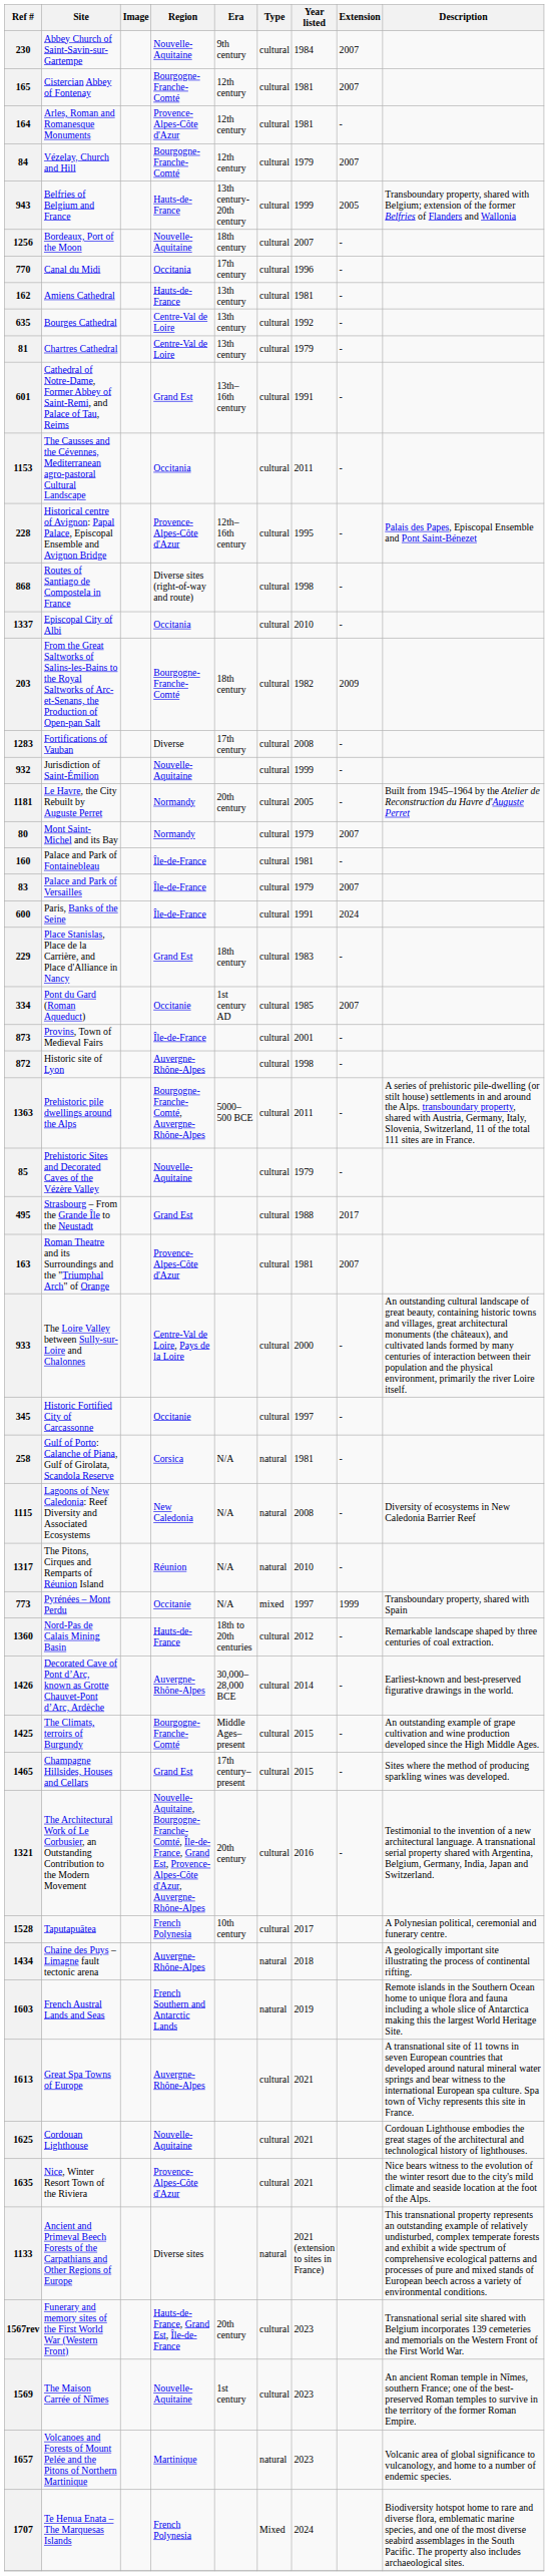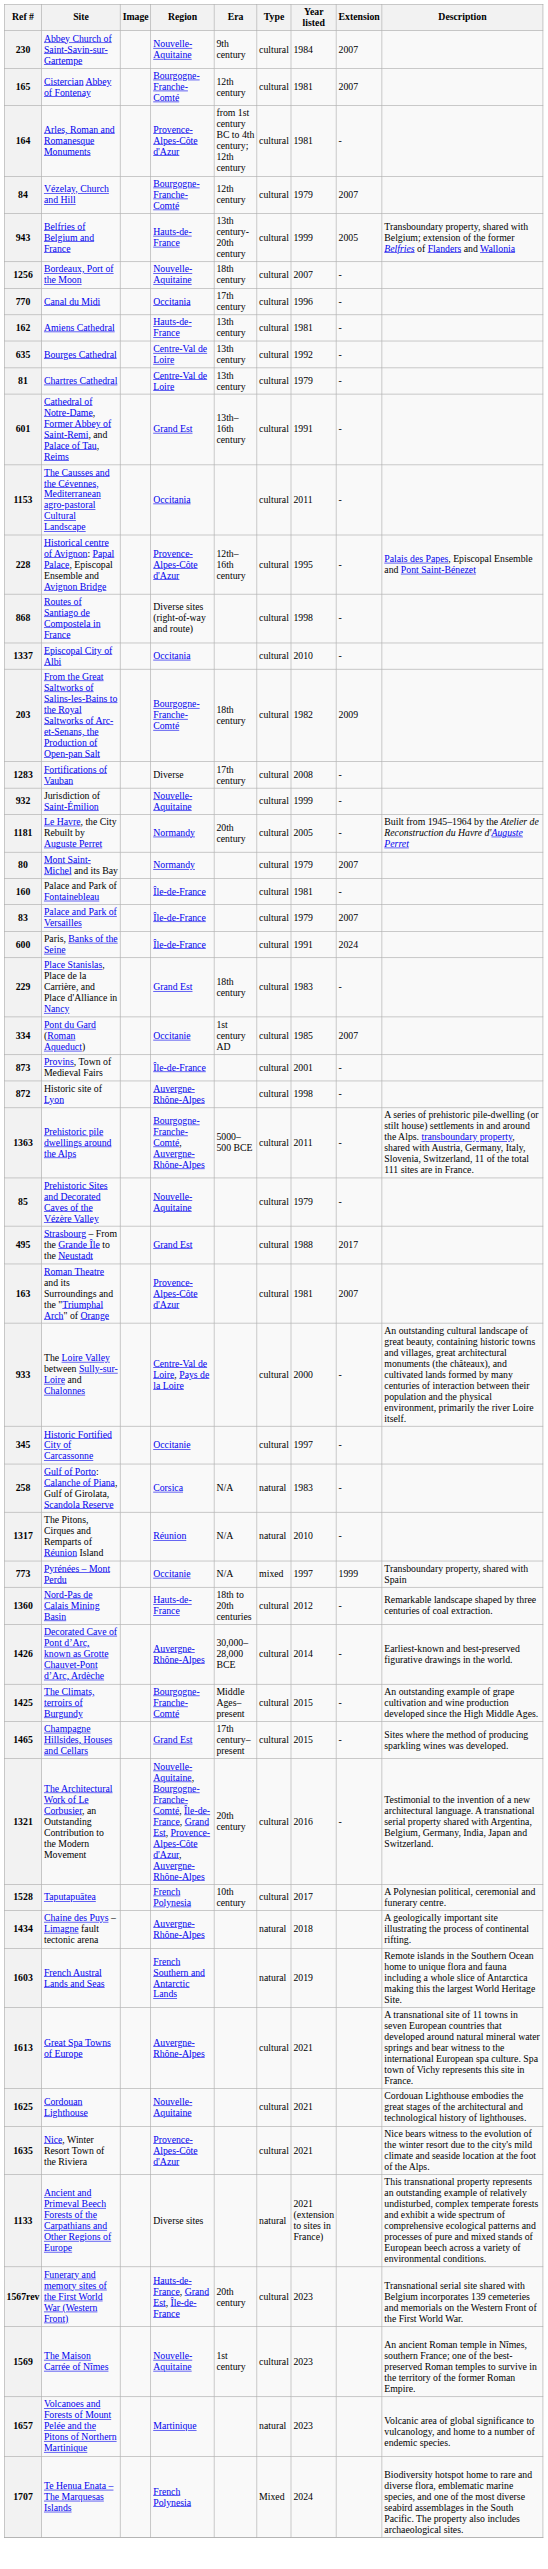 <table class="wikitable sortable" style="width:100%; margin-right:0">
 <tr>
 <th width="2%">Ref #</th>
 <th width="15%">Site</th>
 <th class="unsortable">Image</th>
 <th width="12%">Region</th>
 <th width="8%">Era</th>
 <th width="5%">Type</th>
 <th width="4%">Year listed</th>
 <th width="4%">Extension</th>
 <th width="32%" class="unsortable">Description</th>
 </tr>
 <tr ->
 <th>230</th>
 <td><a href='#'>Abbey Church of Saint-Savin-sur-Gartempe</a></td>
 <td></td>
 <td><a href='#'>Nouvelle-Aquitaine</a></td>
 <td>9th century</td>
 <td>cultural</td>
 <td>1984</td>
 <td>2007</td>
 <td><br></td>
 </tr>
 <tr ->
 <th>165</th>
 <td><a href='#'>Cistercian</a> <a href='#'>Abbey of Fontenay</a></td>
 <td></td>
 <td><a href='#'>Bourgogne-Franche-Comté</a></td>
 <td>12th century</td>
 <td>cultural</td>
 <td>1981</td>
 <td>2007</td>
 <td><br></td>
 </tr>
 <tr ->
 <th>164</th>
 <td><a href='#'>Arles, Roman and Romanesque Monuments</a></td>
 <td></td>
 <td><a href='#'>Provence-Alpes-Côte d'Azur</a></td>
-<td>12th century</td>
+<td>from 1st century BC to 4th century; 12th century</td>
 <td>cultural</td>
 <td>1981</td>
 <td>-</td>
 <td><br></td>
 </tr>
 <tr ->
 <th>84</th>
 <td><a href='#'>Vézelay, Church and Hill</a></td>
 <td></td>
 <td><a href='#'>Bourgogne-Franche-Comté</a></td>
 <td>12th century</td>
 <td>cultural</td>
 <td>1979</td>
 <td>2007</td>
 <td><br></td>
 </tr>
 <tr ->
 <th>943</th>
 <td><a href='#'>Belfries of Belgium and France</a></td>
 <td></td>
 <td><a href='#'>Hauts-de-France</a></td>
 <td>13th century-20th century</td>
 <td>cultural</td>
 <td>1999</td>
 <td>2005</td>
 <td>Transboundary property, shared with Belgium; extension of the former <em><a href='#'>Belfries</a></em> of <a href='#'>Flanders</a> and <a href='#'>Wallonia</a><br></td>
 </tr>
 <tr ->
 <th>1256</th>
 <td><a href='#'>Bordeaux, Port of the Moon</a></td>
 <td></td>
 <td><a href='#'>Nouvelle-Aquitaine</a></td>
 <td>18th century</td>
 <td>cultural</td>
 <td>2007</td>
 <td>-</td>
 <td><br></td>
 </tr>
 <tr ->
 <th>770</th>
 <td><a href='#'>Canal du Midi</a></td>
 <td></td>
 <td><a href='#'>Occitania</a></td>
 <td>17th century</td>
 <td>cultural</td>
 <td>1996</td>
 <td>-</td>
 <td><br></td>
 </tr>
 <tr ->
 <th>162</th>
 <td><a href='#'>Amiens Cathedral</a></td>
 <td></td>
 <td><a href='#'>Hauts-de-France</a></td>
 <td>13th century</td>
 <td>cultural</td>
 <td>1981</td>
 <td>-</td>
 <td><br></td>
 </tr>
 <tr ->
 <th>635</th>
 <td><a href='#'>Bourges Cathedral</a></td>
 <td></td>
 <td><a href='#'>Centre-Val de Loire</a></td>
 <td>13th century</td>
 <td>cultural</td>
 <td>1992</td>
 <td>-</td>
 <td><br></td>
 </tr>
 <tr ->
 <th>81</th>
 <td><a href='#'>Chartres Cathedral</a></td>
 <td></td>
 <td><a href='#'>Centre-Val de Loire</a></td>
 <td>13th century</td>
 <td>cultural</td>
 <td>1979</td>
 <td>-</td>
 <td><br></td>
 </tr>
 <tr ->
 <th>601</th>
 <td><a href='#'>Cathedral of Notre-Dame</a>, <a href='#'>Former Abbey of Saint-Remi</a>, and <a href='#'>Palace of Tau</a>, <a href='#'>Reims</a></td>
 <td></td>
 <td><a href='#'>Grand Est</a></td>
 <td>13th–16th century</td>
 <td>cultural</td>
 <td>1991</td>
 <td>-</td>
 <td><br></td>
 </tr>
 <tr ->
 <th>1153</th>
 <td><a href='#'>The Causses and the Cévennes, Mediterranean agro-pastoral Cultural Landscape</a></td>
 <td></td>
 <td><a href='#'>Occitania</a></td>
 <td></td>
 <td>cultural</td>
 <td>2011</td>
 <td>-</td>
 <td><br></td>
 </tr>
 <tr ->
 <th>228</th>
 <td><a href='#'>Historical centre of Avignon</a>: <a href='#'>Papal Palace</a>, Episcopal Ensemble and <a href='#'>Avignon Bridge</a></td>
 <td></td>
 <td><a href='#'>Provence-Alpes-Côte d'Azur</a></td>
 <td>12th–16th century</td>
 <td>cultural</td>
 <td>1995</td>
 <td>-</td>
 <td><a href='#'>Palais des Papes</a>, Episcopal Ensemble and <a href='#'>Pont Saint-Bénezet</a><br></td>
 </tr>
 <tr ->
 <th>868</th>
 <td><a href='#'>Routes of Santiago de Compostela in France</a></td>
 <td></td>
 <td>Diverse sites (right-of-way and route)</td>
 <td></td>
 <td>cultural</td>
 <td>1998</td>
 <td>-</td>
 <td><br></td>
 </tr>
 <tr ->
 <th>1337</th>
 <td><a href='#'>Episcopal City of Albi</a></td>
 <td></td>
 <td><a href='#'>Occitania</a></td>
 <td></td>
 <td>cultural</td>
 <td>2010</td>
 <td>-</td>
 <td><br></td>
 </tr>
 <tr ->
 <th>203</th>
 <td><a href='#'>From the Great Saltworks of Salins-les-Bains to the Royal Saltworks of Arc-et-Senans, the Production of Open-pan Salt</a></td>
 <td></td>
 <td><a href='#'>Bourgogne-Franche-Comté</a></td>
 <td>18th century</td>
 <td>cultural</td>
 <td>1982</td>
 <td>2009</td>
 <td><br></td>
 </tr>
 <tr ->
 <th>1283</th>
 <td><a href='#'>Fortifications of Vauban</a></td>
 <td></td>
 <td>Diverse</td>
 <td>17th century</td>
 <td>cultural</td>
 <td>2008</td>
 <td>-</td>
 <td><br></td>
 </tr>
 <tr ->
 <th>932</th>
 <td>Jurisdiction of <a href='#'>Saint-Émilion</a></td>
 <td></td>
 <td><a href='#'>Nouvelle-Aquitaine</a></td>
 <td></td>
 <td>cultural</td>
 <td>1999</td>
 <td>-</td>
 <td><br></td>
 </tr>
 <tr ->
 <th>1181</th>
 <td><a href='#'>Le Havre</a>, the City Rebuilt by <a href='#'>Auguste Perret</a></td>
 <td></td>
 <td><a href='#'>Normandy</a></td>
 <td>20th century</td>
 <td>cultural</td>
 <td>2005</td>
 <td>-</td>
 <td>Built from 1945–1964 by the <em>Atelier de Reconstruction du Havre d'<a href='#'>Auguste Perret</a></em><br></td>
 </tr>
 <tr ->
 <th>80</th>
 <td><a href='#'>Mont Saint-Michel</a> and its Bay</td>
 <td></td>
 <td><a href='#'>Normandy</a></td>
 <td></td>
 <td>cultural</td>
 <td>1979</td>
 <td>2007</td>
 <td><br></td>
 </tr>
 <tr ->
 <th>160</th>
 <td>Palace and Park of <a href='#'>Fontainebleau</a></td>
 <td></td>
 <td><a href='#'>Île-de-France</a></td>
 <td></td>
 <td>cultural</td>
 <td>1981</td>
 <td>-</td>
 <td><br></td>
 </tr>
 <tr ->
 <th>83</th>
 <td><a href='#'>Palace and Park of Versailles</a></td>
 <td></td>
 <td><a href='#'>Île-de-France</a></td>
 <td></td>
 <td>cultural</td>
 <td>1979</td>
 <td>2007</td>
 <td><br></td>
 </tr>
 <tr ->
 <th>600</th>
 <td>Paris, <a href='#'>Banks of the Seine</a></td>
 <td></td>
 <td><a href='#'>Île-de-France</a></td>
 <td></td>
 <td>cultural</td>
 <td>1991</td>
 <td>2024</td>
 <td><br></td>
 </tr>
 <tr ->
 <th>229</th>
 <td><a href='#'>Place Stanislas</a>, Place de la Carrière, and Place d'Alliance in <a href='#'>Nancy</a></td>
 <td></td>
 <td><a href='#'>Grand Est</a></td>
 <td>18th century</td>
 <td>cultural</td>
 <td>1983</td>
 <td>-</td>
 <td><br></td>
 </tr>
 <tr ->
 <th>334</th>
 <td><a href='#'>Pont du Gard</a> (<a href='#'>Roman</a> <a href='#'>Aqueduct</a>)</td>
 <td></td>
 <td><a href='#'>Occitanie</a></td>
 <td>1st century AD</td>
 <td>cultural</td>
 <td>1985</td>
 <td>2007</td>
 <td><br></td>
 </tr>
 <tr ->
 <th>873</th>
 <td><a href='#'>Provins</a>, Town of Medieval Fairs</td>
 <td></td>
 <td><a href='#'>Île-de-France</a></td>
 <td></td>
 <td>cultural</td>
 <td>2001</td>
 <td>-</td>
 <td><br></td>
 </tr>
 <tr ->
 <th>872</th>
 <td>Historic site of <a href='#'>Lyon</a></td>
 <td></td>
 <td><a href='#'>Auvergne-Rhône-Alpes</a></td>
 <td></td>
 <td>cultural</td>
 <td>1998</td>
 <td>-</td>
 <td><br></td>
 </tr>
 <tr ->
 <th>1363</th>
 <td><a href='#'>Prehistoric pile dwellings around the Alps</a></td>
 <td></td>
 <td><a href='#'>Bourgogne-Franche-Comté</a>, <a href='#'>Auvergne-Rhône-Alpes</a></td>
 <td>5000–500 BCE</td>
 <td>cultural</td>
 <td>2011</td>
 <td>-</td>
 <td>A series of prehistoric pile-dwelling (or stilt house) settlements in and around the Alps. <a href='#'>transboundary property</a>, shared with Austria, Germany, Italy, Slovenia, Switzerland, 11 of the total 111 sites are in France.<br></td>
 </tr>
 <tr ->
 <th>85</th>
 <td><a href='#'>Prehistoric Sites and Decorated Caves of the Vézère Valley</a></td>
 <td></td>
 <td><a href='#'>Nouvelle-Aquitaine</a></td>
 <td></td>
 <td>cultural</td>
 <td>1979</td>
 <td>-</td>
 <td><br></td>
 </tr>
 <tr ->
 <th>495</th>
 <td><a href='#'>Strasbourg</a> – From the <a href='#'>Grande Île</a> to the <a href='#'>Neustadt</a></td>
 <td></td>
 <td><a href='#'>Grand Est</a></td>
 <td></td>
 <td>cultural</td>
 <td>1988</td>
 <td>2017</td>
 <td><br></td>
 </tr>
 <tr ->
 <th>163</th>
 <td><a href='#'>Roman Theatre</a> and its Surroundings and the "<a href='#'>Triumphal Arch</a>" of <a href='#'>Orange</a></td>
 <td></td>
 <td><a href='#'>Provence-Alpes-Côte d'Azur</a></td>
 <td></td>
 <td>cultural</td>
 <td>1981</td>
 <td>2007</td>
 <td><br></td>
 </tr>
 <tr ->
 <th>933</th>
 <td>The <a href='#'>Loire Valley</a> between <a href='#'>Sully-sur-Loire</a> and <a href='#'>Chalonnes</a></td>
 <td></td>
 <td><a href='#'>Centre-Val de Loire</a>, <a href='#'>Pays de la Loire</a></td>
 <td></td>
 <td>cultural</td>
 <td>2000</td>
 <td>-</td>
 <td>An outstanding cultural landscape of great beauty, containing historic towns and villages, great architectural monuments (the châteaux), and cultivated lands formed by many centuries of interaction between their population and the physical environment, primarily the river Loire itself.<br></td>
 </tr>
 <tr ->
 <th>345</th>
 <td><a href='#'>Historic Fortified City of Carcassonne</a></td>
 <td></td>
 <td><a href='#'>Occitanie</a></td>
 <td></td>
 <td>cultural</td>
 <td>1997</td>
 <td>-</td>
 <td><br></td>
 </tr>
 <tr ->
 <th>258</th>
 <td><a href='#'>Gulf of Porto</a>: <a href='#'>Calanche of Piana</a>, Gulf of Girolata, <a href='#'>Scandola Reserve</a></td>
 <td></td>
 <td><a href='#'>Corsica</a></td>
 <td>N/A</td>
 <td>natural</td>
-<td>1981</td>
+<td>1983</td>
 <td>-</td>
 <td><br></td>
-</tr>
-<tr ->
-<th>1115</th>
-<td><a href='#'>Lagoons of New Caledonia</a>: Reef Diversity and Associated Ecosystems</td>
-<td></td>
-<td><a href='#'>New Caledonia</a></td>
-<td>N/A</td>
-<td>natural</td>
-<td>2008</td>
-<td>-</td>
-<td>Diversity of ecosystems in New Caledonia Barrier Reef<br></td>
 </tr>
 <tr ->
 <th>1317</th>
 <td>The Pitons, Cirques and Remparts of <a href='#'>Réunion</a> Island</td>
 <td></td>
 <td><a href='#'>Réunion</a></td>
 <td>N/A</td>
 <td>natural</td>
 <td>2010</td>
 <td>-</td>
 <td><br></td>
 </tr>
 <tr ->
 <th>773</th>
 <td><a href='#'>Pyrénées – Mont Perdu</a></td>
 <td></td>
 <td><a href='#'>Occitanie</a></td>
 <td>N/A</td>
 <td>mixed</td>
 <td>1997</td>
 <td>1999</td>
 <td>Transboundary property, shared with Spain<br></td>
 </tr>
 <tr ->
 <th>1360</th>
 <td><a href='#'>Nord-Pas de Calais Mining Basin</a></td>
 <td></td>
 <td><a href='#'>Hauts-de-France</a></td>
 <td>18th to 20th centuries</td>
 <td>cultural</td>
 <td>2012</td>
 <td>-</td>
 <td>Remarkable landscape shaped by three centuries of coal extraction.<br></td>
 </tr>
 <tr ->
 <th>1426</th>
 <td><a href='#'>Decorated Cave of Pont d’Arc, known as Grotte Chauvet-Pont d’Arc, Ardèche</a></td>
 <td></td>
 <td><a href='#'>Auvergne-Rhône-Alpes</a></td>
 <td>30,000–28,000 BCE</td>
 <td>cultural</td>
 <td>2014</td>
 <td>-</td>
 <td>Earliest-known and best-preserved figurative drawings in the world.<br></td>
 </tr>
 <tr ->
 <th>1425</th>
 <td><a href='#'>The Climats, terroirs of Burgundy</a></td>
 <td></td>
 <td><a href='#'>Bourgogne-Franche-Comté</a></td>
 <td>Middle Ages–present</td>
 <td>cultural</td>
 <td>2015</td>
 <td>-</td>
 <td>An outstanding example of grape cultivation and wine production developed since the High Middle Ages.<br></td>
 </tr>
 <tr ->
 <th>1465</th>
 <td><a href='#'>Champagne Hillsides, Houses and Cellars</a></td>
 <td></td>
 <td><a href='#'>Grand Est</a></td>
 <td>17th century–present</td>
 <td>cultural</td>
 <td>2015</td>
 <td>-</td>
 <td>Sites where the method of producing sparkling wines was developed.<br></td>
 </tr>
 <tr ->
 <th>1321</th>
 <td><a href='#'>The Architectural Work of Le Corbusier</a>, an Outstanding Contribution to the Modern Movement</td>
 <td></td>
 <td><a href='#'>Nouvelle-Aquitaine</a>, <a href='#'>Bourgogne-Franche-Comté</a>, <a href='#'>Île-de-France</a>, <a href='#'>Grand Est</a>, <a href='#'>Provence-Alpes-Côte d'Azur</a>, <a href='#'>Auvergne-Rhône-Alpes</a></td>
 <td>20th century</td>
 <td>cultural</td>
 <td>2016</td>
 <td>-</td>
 <td>Testimonial to the invention of a new architectural language. A transnational serial property shared with Argentina, Belgium, Germany, India, Japan and Switzerland.<br></td>
 </tr>
 <tr ->
 <th>1528</th>
 <td><a href='#'>Taputapuātea</a></td>
 <td></td>
 <td><a href='#'>French Polynesia</a></td>
 <td>10th century</td>
 <td>cultural</td>
 <td>2017</td>
 <td></td>
 <td>A Polynesian political, ceremonial and funerary centre.<br></td>
 </tr>
 <tr ->
 <th>1434</th>
 <td><a href='#'>Chaine des Puys</a> – <a href='#'>Limagne</a> fault tectonic arena</td>
 <td></td>
 <td><a href='#'>Auvergne-Rhône-Alpes</a></td>
 <td></td>
 <td>natural</td>
 <td>2018</td>
 <td></td>
 <td>A geologically important site illustrating the process of continental rifting.<br></td>
 </tr>
 <tr ->
 <th>1603</th>
 <td><a href='#'>French Austral Lands and Seas</a></td>
 <td></td>
 <td><a href='#'>French Southern and Antarctic Lands</a></td>
 <td></td>
 <td>natural</td>
 <td>2019</td>
 <td></td>
 <td>Remote islands in the Southern Ocean home to unique flora and fauna including a whole slice of Antarctica making this the largest World Heritage Site.<br></td>
 </tr>
 <tr ->
 <th>1613</th>
 <td><a href='#'>Great Spa Towns of Europe</a></td>
 <td></td>
 <td><a href='#'>Auvergne-Rhône-Alpes</a></td>
 <td></td>
 <td>cultural</td>
 <td>2021</td>
 <td></td>
 <td>A transnational site of 11 towns in seven European countries that developed around natural mineral water springs and bear witness to the international European spa culture. Spa town of Vichy represents this site in France.<br></td>
 </tr>
 <tr ->
 <th>1625</th>
 <td><a href='#'>Cordouan Lighthouse</a></td>
 <td></td>
 <td><a href='#'>Nouvelle-Aquitaine</a></td>
 <td></td>
 <td>cultural</td>
 <td>2021</td>
 <td></td>
 <td>Cordouan Lighthouse embodies the great stages of the architectural and technological history of lighthouses.<br></td>
 </tr>
 <tr ->
 <th>1635</th>
 <td><a href='#'>Nice</a>, Winter Resort Town of the Riviera</td>
 <td></td>
 <td><a href='#'>Provence-Alpes-Côte d'Azur</a></td>
 <td></td>
 <td>cultural</td>
 <td>2021</td>
 <td></td>
 <td>Nice bears witness to the evolution of the winter resort due to the city's mild climate and seaside location at the foot of the Alps.<br></td>
 </tr>
 <tr ->
 <th>1133</th>
 <td><a href='#'>Ancient and Primeval Beech Forests of the Carpathians and Other Regions of Europe</a></td>
 <td></td>
 <td>Diverse sites</td>
 <td></td>
 <td>natural</td>
 <td>2021 (extension to sites in France)</td>
 <td></td>
 <td>This transnational property represents an outstanding example of relatively undisturbed, complex temperate forests and exhibit a wide spectrum of comprehensive ecological patterns and processes of pure and mixed stands of European beech across a variety of environmental conditions.<br></td>
 </tr>
 <tr ->
 <th>1567rev</th>
 <td><a href='#'>Funerary and memory sites of the First World War (Western Front)</a></td>
 <td></td>
 <td><a href='#'>Hauts-de-France</a>, <a href='#'>Grand Est</a>, <a href='#'>Île-de-France</a></td>
 <td>20th century</td>
 <td>cultural</td>
 <td>2023</td>
 <td></td>
 <td><br>Transnational serial site shared with Belgium incorporates 139 cemeteries and memorials on the Western Front of the First World War.   </td>
 </tr>
 <tr ->
 <th>1569</th>
 <td><a href='#'>The Maison Carrée of Nîmes</a></td>
 <td></td>
 <td><a href='#'>Nouvelle-Aquitaine</a></td>
 <td>1st century</td>
 <td>cultural</td>
 <td>2023</td>
 <td></td>
 <td><br>An ancient Roman temple in Nîmes, southern France; one of the best-preserved Roman temples to survive in the territory of the former Roman Empire.   </td>
 </tr>
 <tr ->
 <th>1657</th>
 <td><a href='#'>Volcanoes and Forests of Mount Pelée and the Pitons of Northern Martinique</a></td>
 <td></td>
 <td><a href='#'>Martinique</a></td>
 <td></td>
 <td>natural</td>
 <td>2023</td>
 <td></td>
 <td><br>Volcanic area of global significance to vulcanology, and home to a number of endemic species.   </td>
 </tr>
 <tr ->
 <th>1707</th>
 <td><a href='#'>Te Henua Enata – The Marquesas Islands</a></td>
 <td></td>
 <td><a href='#'>French Polynesia</a></td>
 <td></td>
 <td>Mixed</td>
 <td>2024</td>
 <td></td>
 <td><br>Biodiversity hotspot home to rare and diverse flora, emblematic marine species, and one of the most diverse seabird assemblages in the South Pacific. The property also includes archaeological sites.  </td>
 </tr>
 <tr ->
 </tr>
 </table>
